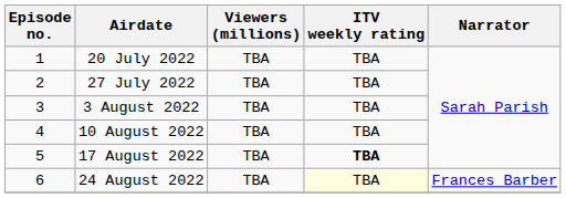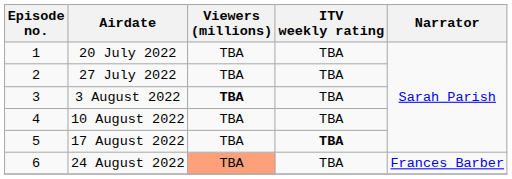 <table class="wikitable" style="text-align:center">
 <tr>
 <th scope="col">Episode<br>no.</th>
 <th scope="col">Airdate</th>
 <th scope="col">Viewers<br>(millions)</th>
 <th scope="col">ITV<br>weekly rating</th>
 <th scope="col">Narrator</th>
 </tr>
 <tr>
 <td>1</td>
 <td>20 July 2022</td>
 <td>TBA</td>
 <td>TBA</td>
 <td rowspan="5"><a href='#'>Sarah Parish</a></td>
 </tr>
 <tr>
 <td>2</td>
 <td>27 July 2022</td>
 <td>TBA</td>
 <td>TBA</td>
 </tr>
 <tr>
 <td>3</td>
 <td>3 August 2022</td>
-<td>TBA</td>
+<td><strong>TBA</strong></td>
 <td>TBA</td>
 </tr>
 <tr>
 <td>4</td>
 <td>10 August 2022</td>
 <td>TBA</td>
 <td>TBA</td>
 </tr>
 <tr>
 <td>5</td>
 <td>17 August 2022</td>
 <td>TBA</td>
 <td><strong>TBA</strong></td>
 </tr>
 <tr>
 <td>6</td>
 <td>24 August 2022</td>
+<td style="background: lightsalmon;">TBA</td>
 <td>TBA</td>
-<td style="background: lightyellow;">TBA</td>
 <td rowspan="1"><a href='#'>Frances Barber</a></td>
 </tr>
 <tr>
 </tr>
 </table>
